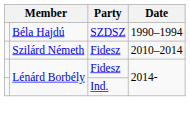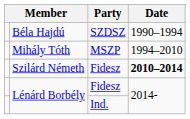 <table class=wikitable>
 <tr>
 <th colspan=2>Member</th>
 <th>Party</th>
 <th>Date</th>
 </tr>
 <tr>
 <td style="background-color:"></td>
 <td><a href='#'>Béla Hajdú</a></td>
 <td><a href='#'>SZDSZ</a></td>
 <td>1990–1994</td>
 </tr>
 <tr>
 <td style="background-color:"></td>
+<td><a href='#'>Mihály Tóth</a></td>
+<td><a href='#'>MSZP</a></td>
+<td>1994–2010</td>
+</tr>
+<tr>
+<td style="background-color:"></td>
 <td><a href='#'>Szilárd Németh</a></td>
 <td><a href='#'>Fidesz</a></td>
-<td>2010–2014</td>
+<td><strong>2010–2014</strong></td>
 </tr>
 <tr>
 <td style="background-color:"></td>
 <td rowspan=2><a href='#'>Lénárd Borbély</a></td>
 <td><a href='#'>Fidesz</a></td>
 <td rowspan=2>2014-</td>
 </tr>
 <tr>
 <td style="background-color:"></td>
 <td><a href='#'>Ind.</a></td>
 </tr>
 </table>
